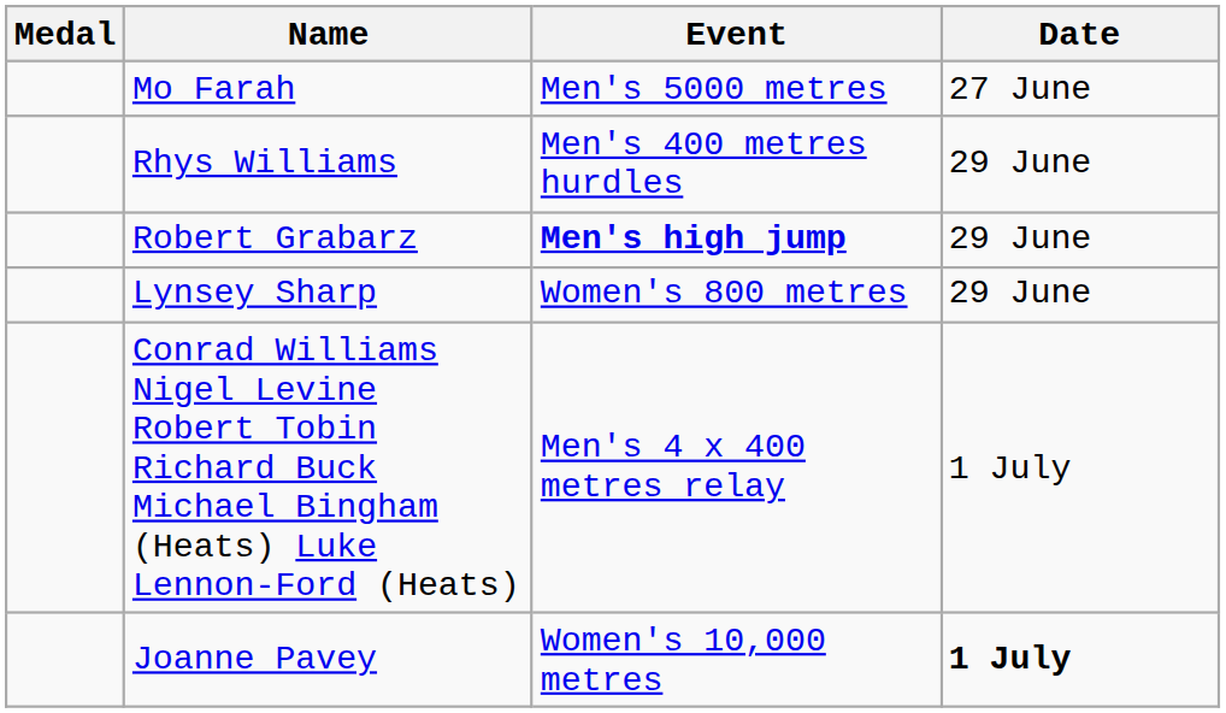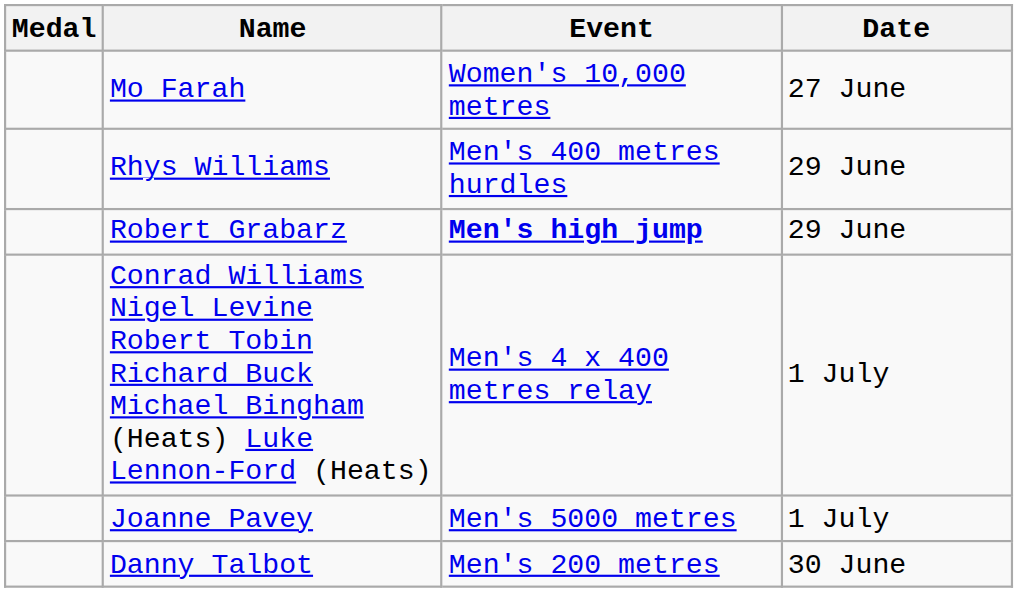 <table class="wikitable sortable" style="font-size:100%">
 <tr>
 <th>Medal</th>
 <th width=150>Name</th>
 <th width=150>Event</th>
 <th width=100>Date</th>
 </tr>
 <tr>
 <td></td>
 <td><a href='#'>Mo Farah</a></td>
-<td><a href='#'>Men's 5000 metres</a></td>
+<td><a href='#'>Women's 10,000 metres</a></td>
 <td>27 June</td>
 </tr>
 <tr>
 <td></td>
 <td><a href='#'>Rhys Williams</a></td>
 <td><a href='#'>Men's 400 metres hurdles</a></td>
 <td>29 June</td>
 </tr>
 <tr>
 <td></td>
 <td><a href='#'>Robert Grabarz</a></td>
 <td><strong><a href='#'>Men's high jump</a></strong></td>
 <td>29 June</td>
 </tr>
 <tr>
 <td></td>
-<td><a href='#'>Lynsey Sharp</a></td>
-<td><a href='#'>Women's 800 metres</a></td>
-<td>29 June</td>
-</tr>
-<tr>
-<td></td>
 <td><a href='#'>Conrad Williams</a><br><a href='#'>Nigel Levine</a><br><a href='#'>Robert Tobin</a><br><a href='#'>Richard Buck</a><br><a href='#'>Michael Bingham</a> (Heats) <a href='#'>Luke Lennon-Ford</a> (Heats)</td>
 <td><a href='#'>Men's 4 x 400 metres relay</a></td>
 <td>1 July</td>
 </tr>
 <tr>
 <td></td>
 <td><a href='#'>Joanne Pavey</a></td>
-<td><a href='#'>Women's 10,000 metres</a></td>
-<td><strong>1 July</strong></td>
+<td><a href='#'>Men's 5000 metres</a></td>
+<td>1 July</td>
+</tr>
+<tr>
+<td></td>
+<td><a href='#'>Danny Talbot</a></td>
+<td><a href='#'>Men's 200 metres</a></td>
+<td>30 June</td>
 </tr>
 </table>
